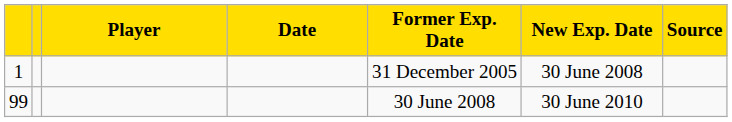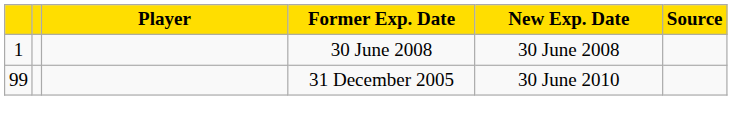 <table class="wikitable sortable">
 <tr>
 <th style="background:#FFDE00"></th>
 <th style="background:#FFDE00"></th>
 <th width=200 style="background:#FFDE00">Player</th>
-<th width=150 style="background:#FFDE00">Date</th>
 <th width=150 style="background:#FFDE00">Former Exp. Date</th>
 <th width=150 style="background:#FFDE00">New Exp. Date</th>
 <th style="background:#FFDE00">Source</th>
 </tr>
 <tr>
 <td align=center>1</td>
 <td align=center></td>
 <td></td>
-<td align=center></td>
-<td align=center>31 December 2005</td>
+<td align=center>30 June 2008</td>
 <td align=center>30 June 2008</td>
 <td align=center></td>
 </tr>
 <tr>
 <td align=center>99</td>
 <td align=center></td>
 <td></td>
-<td align=center></td>
-<td align=center>30 June 2008</td>
+<td align=center>31 December 2005</td>
 <td align=center>30 June 2010</td>
 <td align=center></td>
 </tr>
 </table>
